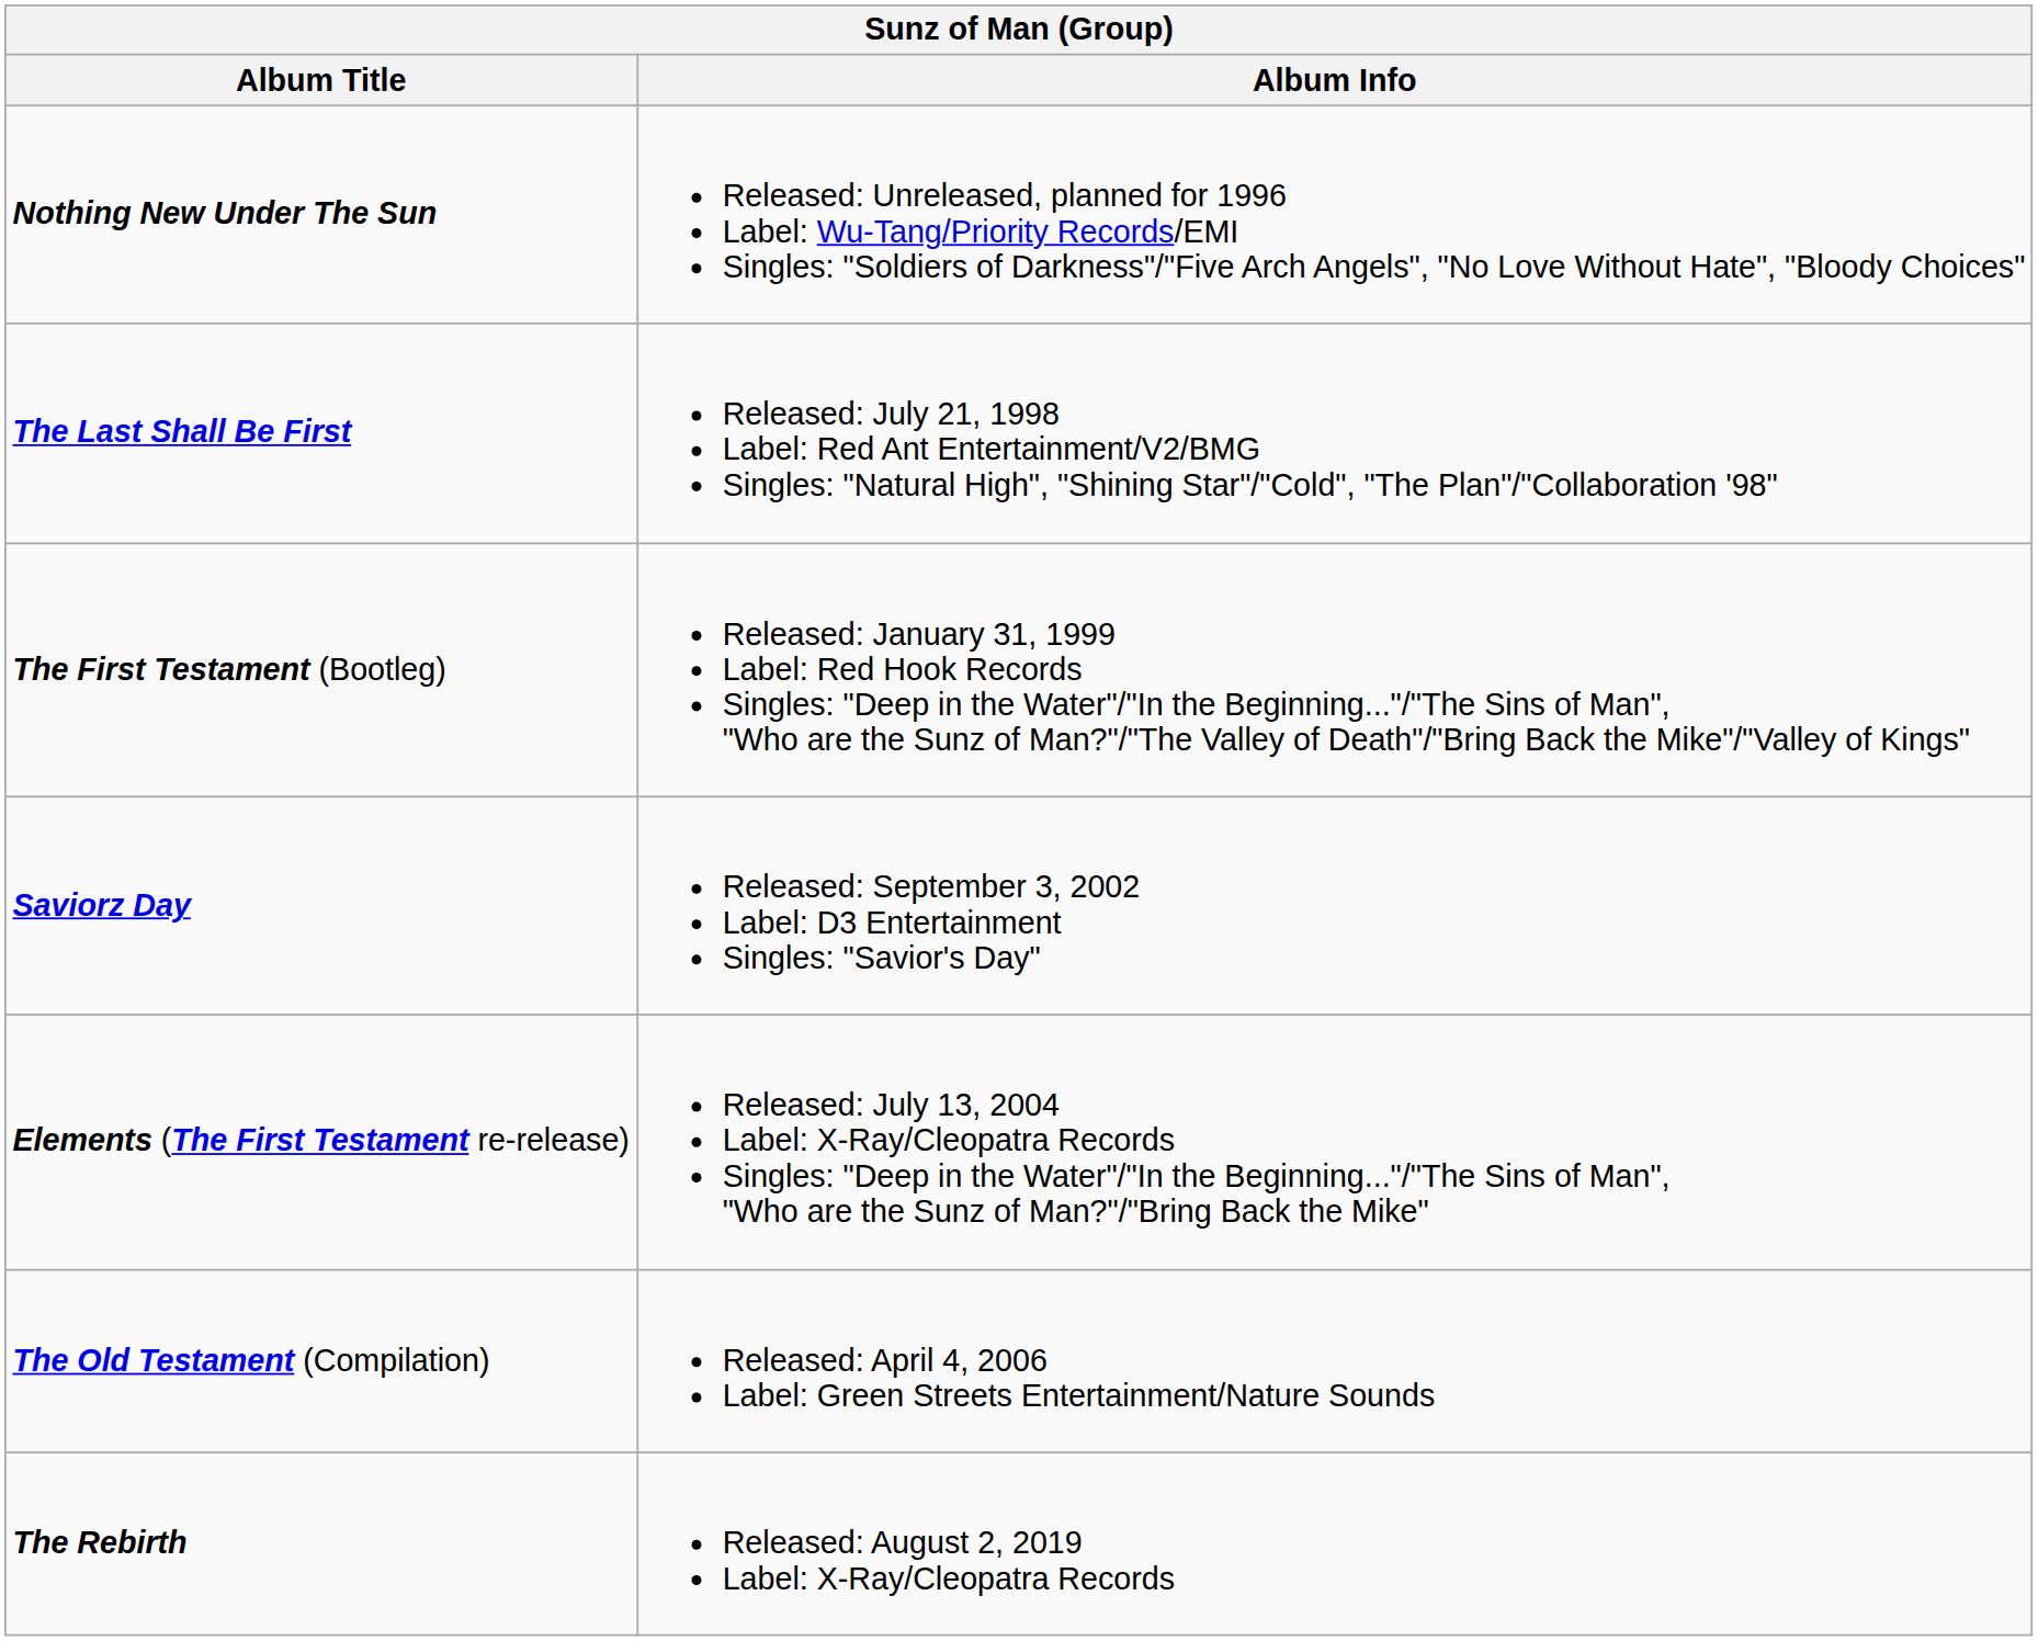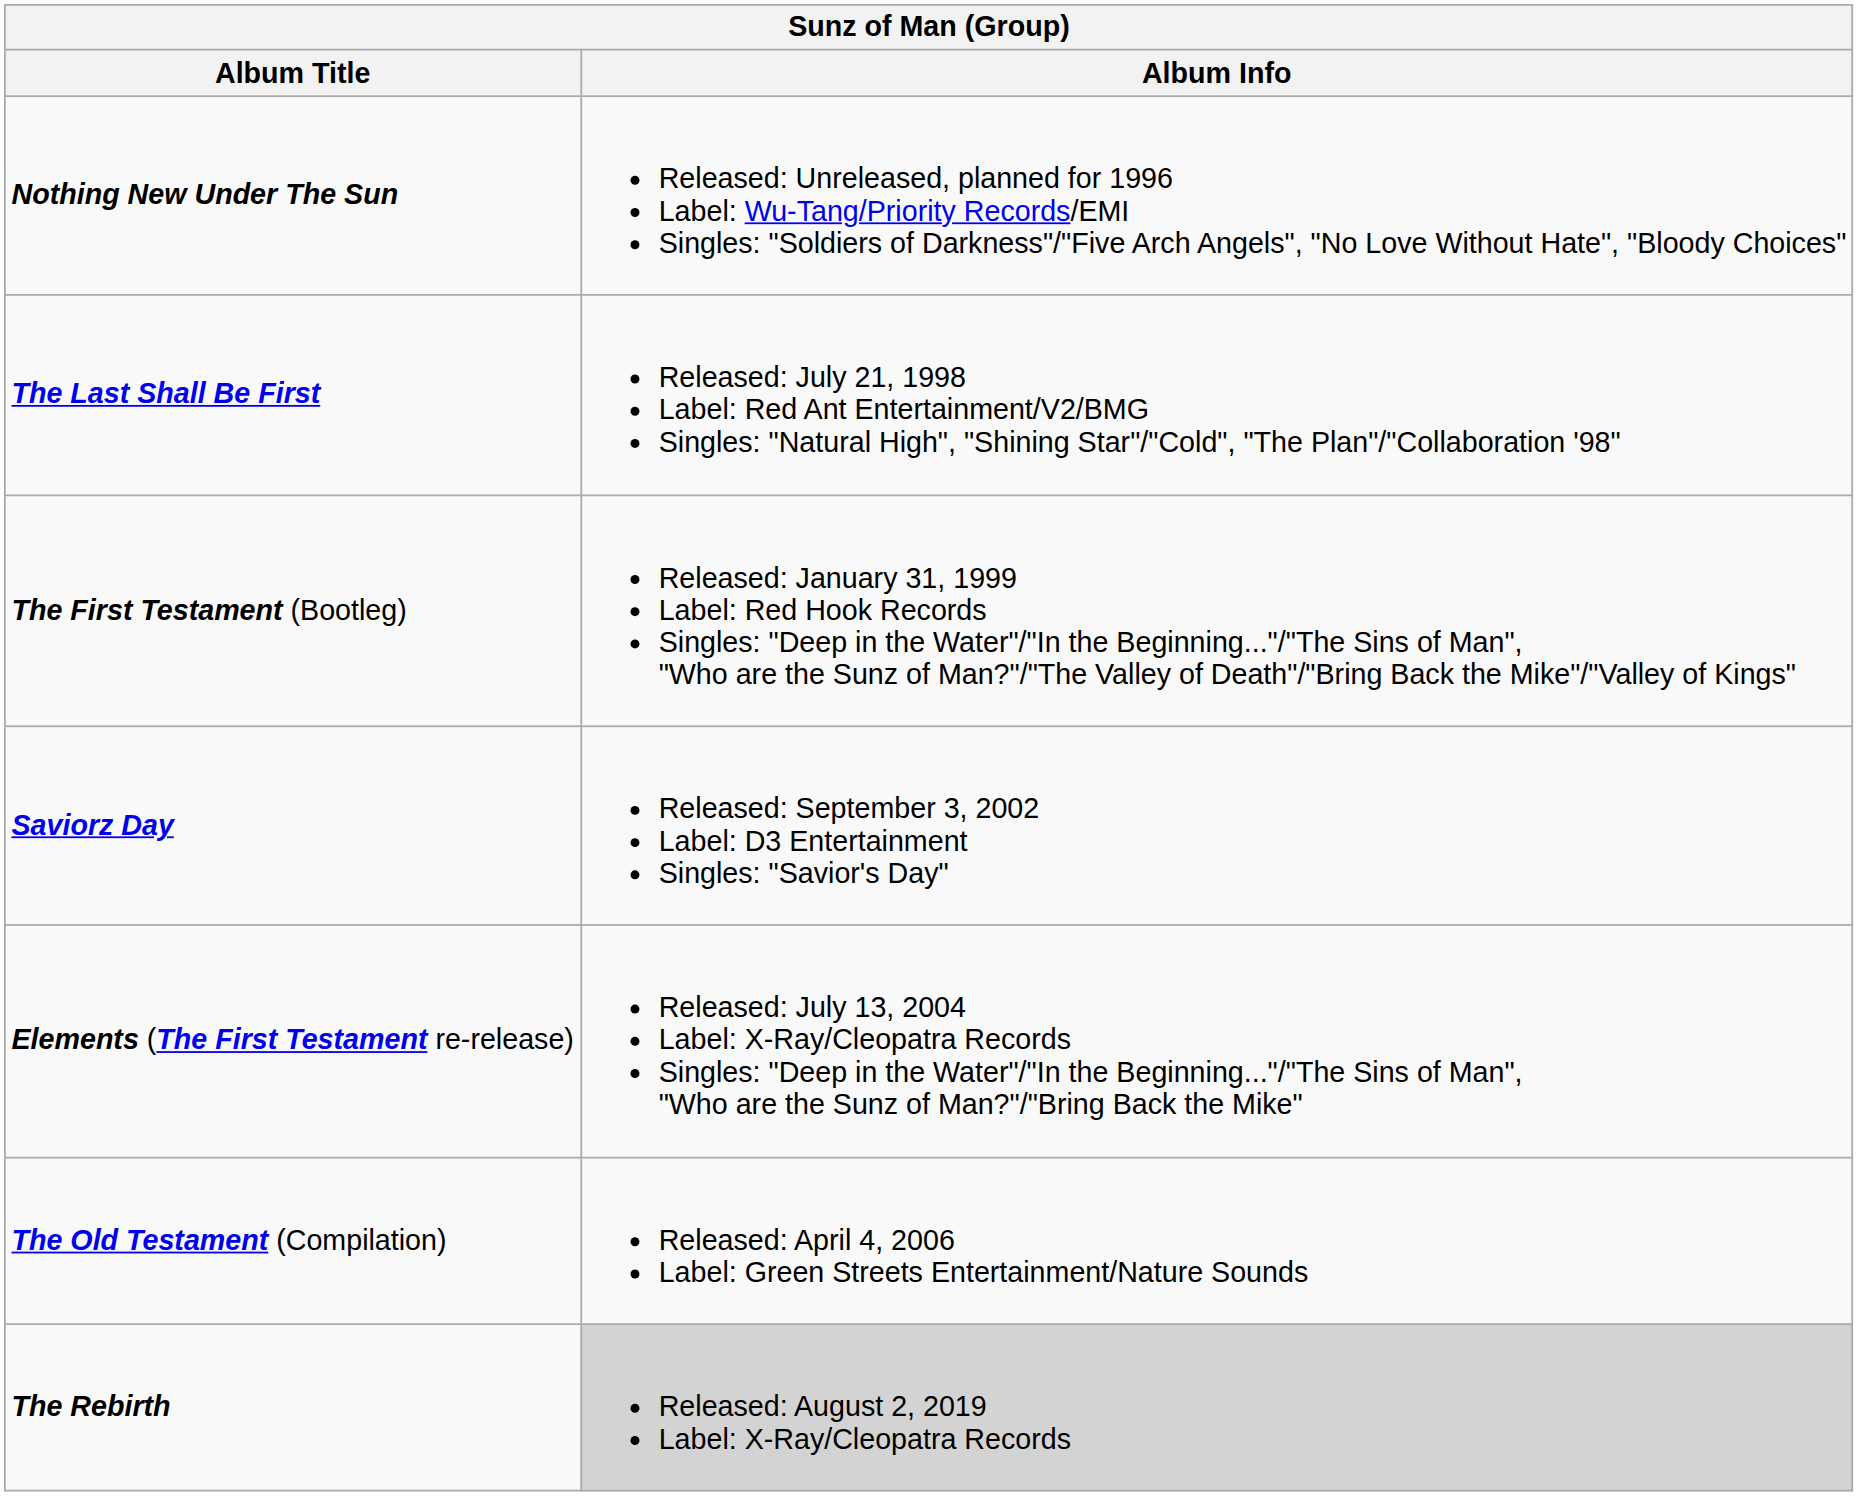 <table class="wikitable">
 <tr>
 <th colspan=4>Sunz of Man (Group)</th>
 </tr>
 <tr>
 <th>Album Title</th>
 <th>Album Info</th>
 </tr>
 <tr>
 <td><strong><em>Nothing New Under The Sun</em></strong></td>
 <td><br><ul><li>Released: Unreleased, planned for 1996</li><li>Label: <a href='#'>Wu-Tang/Priority Records</a>/EMI</li><li>Singles: "Soldiers of Darkness"/"Five Arch Angels", "No Love Without Hate", "Bloody Choices"</li></ul></td>
 </tr>
 <tr>
 <td><strong><em><a href='#'>The Last Shall Be First</a></em></strong></td>
 <td><br><ul><li>Released: July 21, 1998</li><li>Label: Red Ant Entertainment/V2/BMG</li><li>Singles: "Natural High", "Shining Star"/"Cold", "The Plan"/"Collaboration '98"</li></ul></td>
 </tr>
 <tr>
 <td><strong><em>The First Testament</em></strong> (Bootleg)</td>
 <td><br><ul><li>Released: January 31, 1999</li><li>Label: Red Hook Records</li><li>Singles: "Deep in the Water"/"In the Beginning..."/"The Sins of Man",<br>"Who are the Sunz of Man?"/"The Valley of Death"/"Bring Back the Mike"/"Valley of Kings"</li></ul></td>
 </tr>
 <tr>
 <td><strong><em><a href='#'>Saviorz Day</a></em></strong></td>
 <td><br><ul><li>Released: September 3, 2002</li><li>Label: D3 Entertainment</li><li>Singles: "Savior's Day"</li></ul></td>
 </tr>
 <tr>
 <td><strong><em>Elements</em></strong> (<strong><em><a href='#'>The First Testament</a></em></strong> re-release)</td>
 <td><br><ul><li>Released: July 13, 2004</li><li>Label: X-Ray/Cleopatra Records</li><li>Singles: "Deep in the Water"/"In the Beginning..."/"The Sins of Man",<br>"Who are the Sunz of Man?"/"Bring Back the Mike"</li></ul></td>
 </tr>
 <tr>
 <td><strong><em><a href='#'>The Old Testament</a></em></strong> (Compilation)</td>
 <td><br><ul><li>Released: April 4, 2006</li><li>Label: Green Streets Entertainment/Nature Sounds</li></ul></td>
 </tr>
 <tr>
 <td><strong><em>The Rebirth</em></strong></td>
-<td><br><ul><li>Released: August 2, 2019</li><li>Label: X-Ray/Cleopatra Records</li></ul></td>
+<td style="background: lightgrey;"><br><ul><li>Released: August 2, 2019</li><li>Label: X-Ray/Cleopatra Records</li></ul></td>
 </tr>
 </table>
